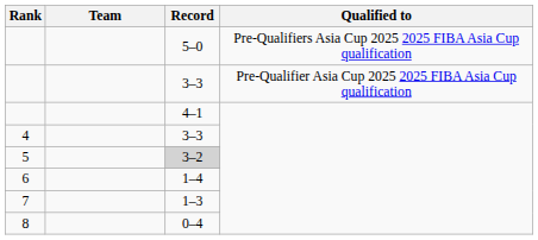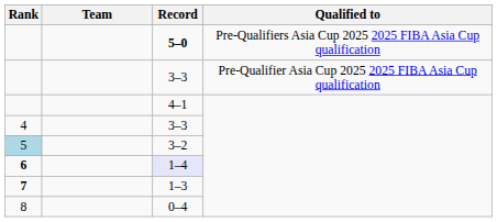 <table class="wikitable" style="text-align: center;">
 <tr>
 <th width=40>Rank</th>
 <th width=180>Team</th>
 <th width=60>Record</th>
 <th width=500>Qualified to</th>
 </tr>
 <tr>
 <td></td>
 <td align=left></td>
-<td>5–0</td>
+<td><strong>5–0</strong></td>
 <td>Pre-Qualifiers Asia Cup 2025 <a href='#'>2025 FIBA Asia Cup qualification</a></td>
 </tr>
 <tr>
 <td></td>
 <td align=left></td>
 <td>3–3</td>
 <td>Pre-Qualifier Asia Cup 2025 <a href='#'>2025 FIBA Asia Cup qualification</a></td>
 </tr>
 <tr>
 <td></td>
 <td align=left></td>
 <td>4–1</td>
 </tr>
 <tr>
 <td>4</td>
 <td align=left></td>
 <td>3–3</td>
 </tr>
 <tr>
-<td>5</td>
+<td style="background: lightblue;">5</td>
 <td align=left></td>
-<td style="background: lightgrey;">3–2</td>
+<td>3–2</td>
 </tr>
 <tr>
-<td>6</td>
+<td><strong>6</strong></td>
 <td align=left></td>
-<td>1–4</td>
+<td style="background: lavender;">1–4</td>
 </tr>
 <tr>
-<td>7</td>
+<td><strong>7</strong></td>
 <td align=left></td>
 <td>1–3</td>
 </tr>
 <tr>
 <td>8</td>
 <td align=left></td>
 <td>0–4</td>
 </tr>
 </table>
